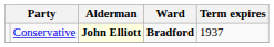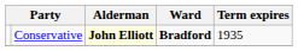 <table class="wikitable">
 <tr>
 <th colspan="2">Party</th>
 <th>Alderman</th>
 <th>Ward</th>
 <th>Term expires</th>
 </tr>
 <tr>
 <td style="background-color:"></td>
 <td><a href='#'>Conservative</a></td>
 <td style="background: lightyellow;"><strong>John Elliott</strong></td>
 <td><strong>Bradford</strong></td>
-<td>1937</td>
+<td>1935</td>
 </tr>
 <tr>
 </tr>
 </table>
